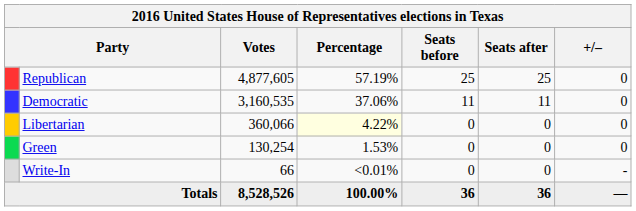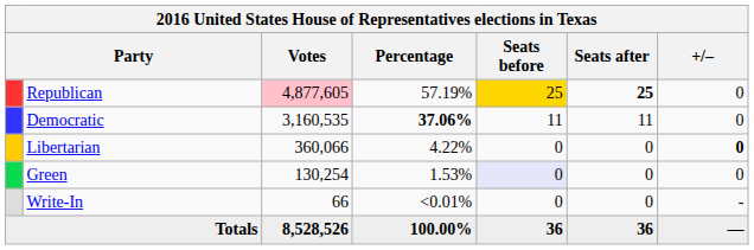 <table class="wikitable" style="font-size: 95%;">
 <tr>
 <th colspan="7">2016 United States House of Representatives elections in Texas</th>
 </tr>
 <tr>
 <th colspan=2 style="width: 15em">Party</th>
 <th style="width: 5em">Votes</th>
 <th style="width: 7em">Percentage</th>
 <th style="width: 5em">Seats before</th>
 <th style="width: 5em">Seats after</th>
 <th style="width: 5em">+/–</th>
 </tr>
 <tr>
 <th style="background-color:#FF3333; width: 3px"></th>
 <td style="width: 130px"><a href='#'>Republican</a></td>
-<td align="right">4,877,605</td>
+<td align="right" style="background: pink;">4,877,605</td>
 <td align="right">57.19%</td>
-<td align="right">25</td>
-<td align="right">25</td>
+<td align="right" style="background: gold;">25</td>
+<td align="right"><strong>25</strong></td>
 <td align="right">0</td>
 </tr>
 <tr>
 <th style="background-color:#3333FF; width: 3px"></th>
 <td style="width: 130px"><a href='#'>Democratic</a></td>
 <td align="right">3,160,535</td>
-<td align="right">37.06%</td>
+<td align="right"><strong>37.06%</strong></td>
 <td align="right">11</td>
 <td align="right">11</td>
 <td align="right">0</td>
 </tr>
 <tr>
 <th style="background-color:#FFCC00; width: 3px"></th>
 <td style="width: 130px"><a href='#'>Libertarian</a></td>
 <td align="right">360,066</td>
-<td align="right" style="background: lightyellow;">4.22%</td>
+<td align="right">4.22%</td>
 <td align="right">0</td>
 <td align="right">0</td>
-<td align="right">0</td>
+<td align="right"><strong>0</strong></td>
 </tr>
 <tr>
 <th style="background-color:#0BDA51; width: 3px"></th>
 <td style="width: 130px"><a href='#'>Green</a></td>
 <td align="right">130,254</td>
 <td align="right">1.53%</td>
-<td align="right">0</td>
+<td align="right" style="background: lavender;">0</td>
 <td align="right">0</td>
 <td align="right">0</td>
 </tr>
 <tr>
 <th style="background-color:#DDDDDD; width: 3px"></th>
 <td style="width: 130px"><a href='#'>Write-In</a></td>
 <td align="right">66</td>
 <td align="right"><0.01%</td>
 <td align="right">0</td>
 <td align="right">0</td>
 <td align="right">-</td>
 </tr>
 <tr bgcolor="#EEEEEE">
 <td colspan="2" align="right"><strong>Totals</strong></td>
 <td align="right"><strong>8,528,526</strong></td>
 <td align="right"><strong>100.00%</strong></td>
 <td align="right"><strong>36</strong></td>
 <td align="right"><strong>36</strong></td>
 <td align="right"><strong>—</strong></td>
 </tr>
 </table>
